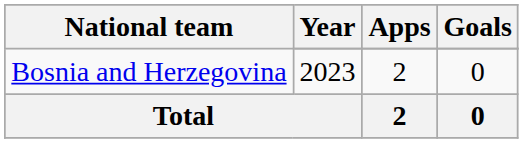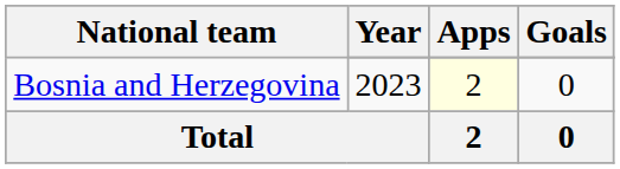 <table class="wikitable" style="text-align:center">
 <tr>
 <th>National team</th>
 <th>Year</th>
 <th>Apps</th>
 <th>Goals</th>
 </tr>
 <tr>
 <td rowspan=2><a href='#'>Bosnia and Herzegovina</a></td>
 </tr>
 <tr>
 <td>2023</td>
-<td>2</td>
+<td style="background: lightyellow;">2</td>
 <td>0</td>
 </tr>
 <tr>
 <th colspan=2>Total</th>
 <th>2</th>
 <th>0</th>
 </tr>
 </table>
